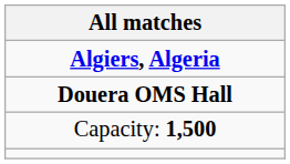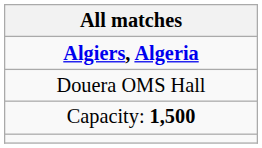 <table class=wikitable style=text-align:center width=200>
 <tr>
 <th>All matches</th>
 </tr>
 <tr>
 <td> <strong><a href='#'>Algiers</a>, <a href='#'>Algeria</a></strong></td>
 </tr>
 <tr>
-<td><strong>Douera OMS Hall</strong></td>
+<td>Douera OMS Hall</td>
 </tr>
 <tr>
 <td>Capacity: <strong>1,500</strong></td>
 </tr>
 <tr>
 <td></td>
 </tr>
 </table>
